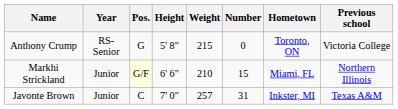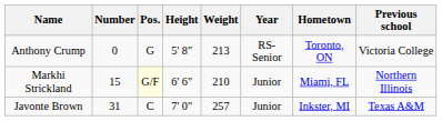 <table class="wikitable sortable sortable" style="text-align: center">
 <tr align=center>
 <th>Name</th>
-<th>Year</th>
+<th>Number</th>
 <th>Pos.</th>
 <th>Height</th>
 <th>Weight</th>
-<th>Number</th>
+<th>Year</th>
 <th>Hometown</th>
 <th>Previous school</th>
 </tr>
 <tr>
 <td>Anthony Crump</td>
-<td>RS-Senior</td>
+<td>0</td>
 <td>G</td>
 <td>5' 8"</td>
-<td>215</td>
-<td>0</td>
+<td>213</td>
+<td>RS-Senior</td>
 <td><a href='#'>Toronto, ON</a></td>
 <td>Victoria College</td>
 </tr>
 <tr>
 <td>Markhi Strickland</td>
-<td>Junior</td>
+<td>15</td>
 <td style="background: lightyellow;">G/F</td>
 <td>6' 6"</td>
 <td>210</td>
-<td>15</td>
+<td>Junior</td>
 <td><a href='#'>Miami, FL</a></td>
 <td><a href='#'>Northern Illinois</a></td>
 </tr>
 <tr>
 <td>Javonte Brown</td>
-<td>Junior</td>
+<td>31</td>
 <td>C</td>
 <td>7' 0"</td>
 <td>257</td>
-<td>31</td>
+<td>Junior</td>
 <td><a href='#'>Inkster, MI</a></td>
 <td><a href='#'>Texas A&M</a></td>
 </tr>
 </table>
